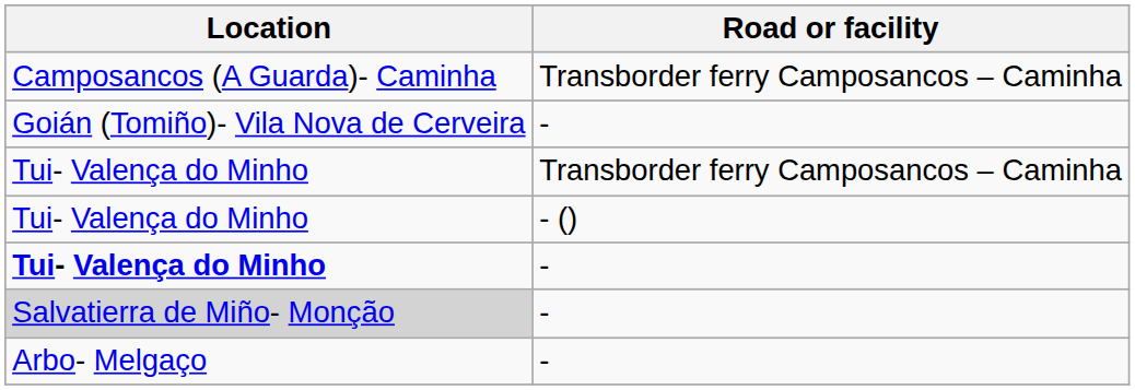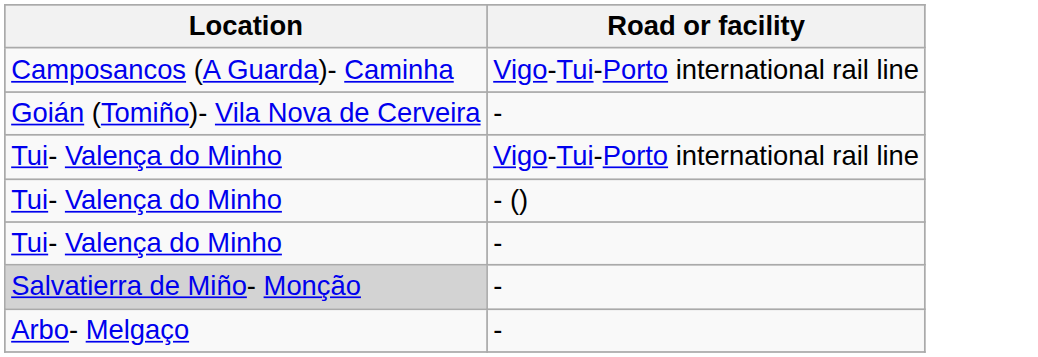 <table class="wikitable">
 <tr>
 <th>Location</th>
 <th>Road or facility</th>
 </tr>
 <tr>
 <td> <a href='#'>Camposancos</a> (<a href='#'>A Guarda</a>)- <a href='#'>Caminha</a></td>
-<td>Transborder ferry Camposancos – Caminha</td>
+<td><a href='#'>Vigo</a>-<a href='#'>Tui</a>-<a href='#'>Porto</a> international rail line</td>
 </tr>
 <tr>
 <td> <a href='#'>Goián</a> (<a href='#'>Tomiño</a>)- <a href='#'>Vila Nova de Cerveira</a></td>
 <td> - </td>
 </tr>
 <tr>
 <td> <a href='#'>Tui</a>- <a href='#'>Valença do Minho</a></td>
-<td>Transborder ferry Camposancos – Caminha</td>
+<td><a href='#'>Vigo</a>-<a href='#'>Tui</a>-<a href='#'>Porto</a> international rail line</td>
 </tr>
 <tr>
 <td> <a href='#'>Tui</a>- <a href='#'>Valença do Minho</a></td>
 <td> -  ()</td>
 </tr>
 <tr>
-<td><strong> <a href='#'>Tui</a>- <a href='#'>Valença do Minho</a></strong></td>
+<td> <a href='#'>Tui</a>- <a href='#'>Valença do Minho</a></td>
 <td> - </td>
 </tr>
 <tr>
 <td style="background: lightgrey;"> <a href='#'>Salvatierra de Miño</a>- <a href='#'>Monção</a></td>
 <td> - </td>
 </tr>
 <tr>
 <td> <a href='#'>Arbo</a>- <a href='#'>Melgaço</a></td>
 <td> - </td>
 </tr>
 </table>
